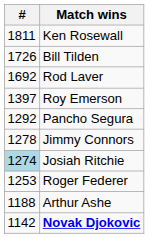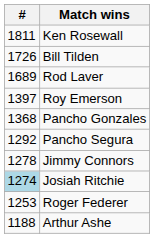 <table class=wikitable style="display:inline-table;">
 <tr>
 <th>#</th>
 <th>Match wins</th>
 </tr>
 <tr>
 <td>1811</td>
 <td> Ken Rosewall</td>
 </tr>
 <tr>
 <td>1726</td>
 <td> Bill Tilden</td>
 </tr>
 <tr>
-<td>1692</td>
+<td>1689</td>
 <td> Rod Laver</td>
 </tr>
 <tr>
 <td>1397</td>
 <td> Roy Emerson</td>
+</tr>
+<tr>
+<td>1368</td>
+<td> Pancho Gonzales</td>
 </tr>
 <tr>
 <td>1292</td>
 <td> Pancho Segura</td>
 </tr>
 <tr>
 <td> 1278</td>
 <td> Jimmy Connors</td>
 </tr>
 <tr>
 <td style="background: lightblue;">1274</td>
 <td> Josiah Ritchie</td>
 </tr>
 <tr>
 <td>1253</td>
 <td> Roger Federer</td>
 </tr>
 <tr>
 <td>1188</td>
 <td> Arthur Ashe</td>
 </tr>
-<tr>
-<td>1142</td>
-<td> <strong><a href='#'>Novak Djokovic</a></strong></td>
-</tr>
 </table>
